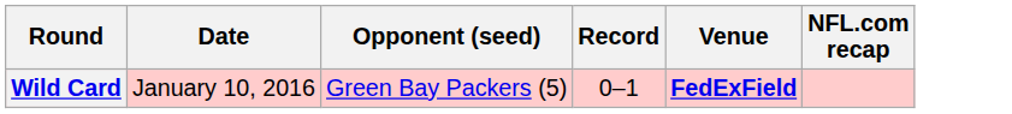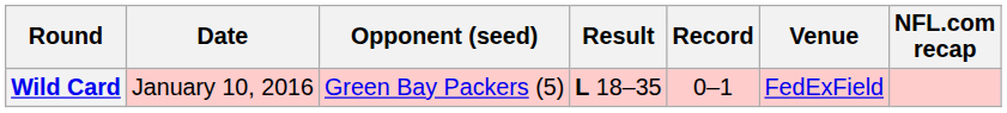 <table class="wikitable" style="text-align:center">
 <tr>
 <th>Round</th>
 <th>Date</th>
 <th>Opponent (seed)</th>
+<th>Result</th>
 <th>Record</th>
 <th>Venue</th>
 <th>NFL.com<br>recap</th>
 </tr>
 <tr style="background:#fcc">
 <th><a href='#'>Wild Card</a></th>
 <td>January 10, 2016</td>
 <td><a href='#'>Green Bay Packers</a> (5)</td>
+<td><strong>L</strong> 18–35</td>
 <td>0–1</td>
-<td><strong><a href='#'>FedExField</a></strong></td>
+<td><a href='#'>FedExField</a></td>
 <td></td>
 </tr>
 </table>
